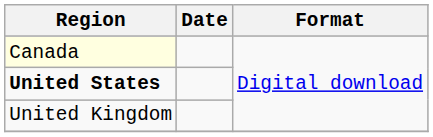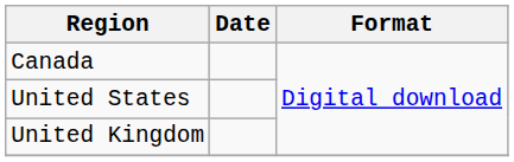 <table class="wikitable">
 <tr>
 <th>Region</th>
 <th>Date</th>
 <th>Format</th>
 </tr>
 <tr>
-<td style="background: lightyellow;">Canada</td>
+<td>Canada</td>
 <td></td>
 <td rowspan="3"><a href='#'>Digital download</a></td>
 </tr>
 <tr>
-<td><strong>United States</strong></td>
+<td>United States</td>
 <td></td>
 </tr>
 <tr>
 <td>United Kingdom</td>
 <td></td>
 </tr>
 <tr>
 </tr>
 </table>
